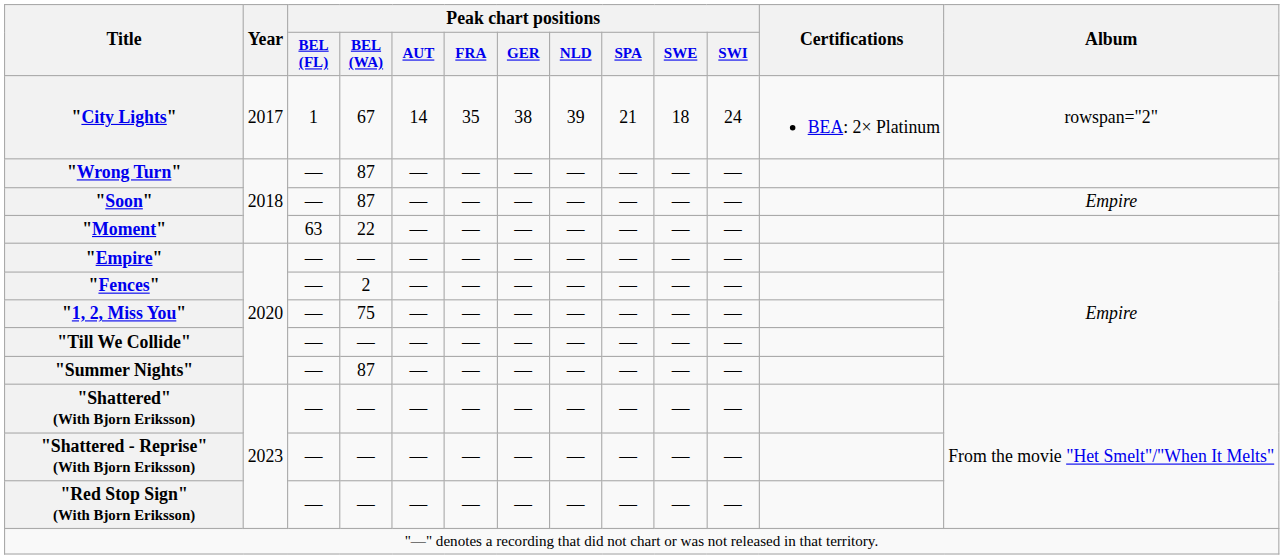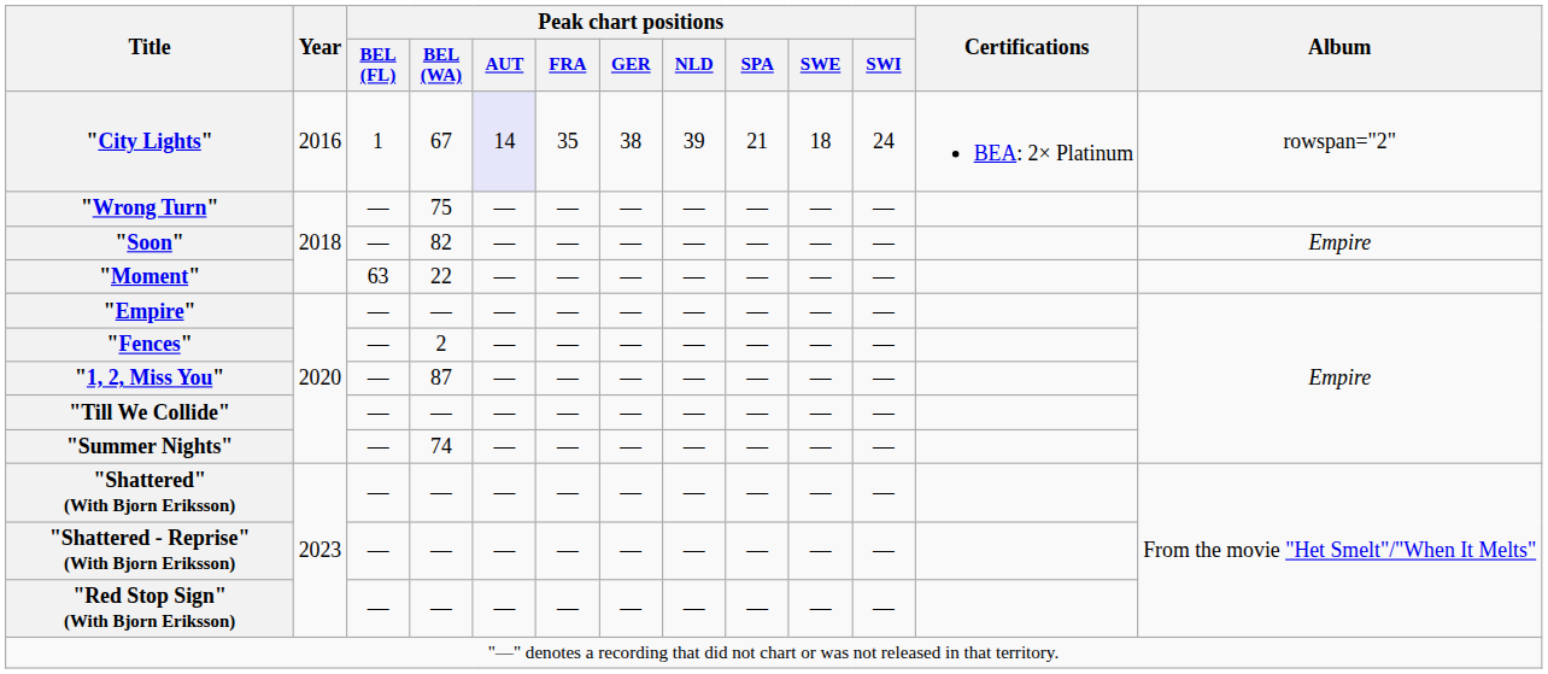 <table class="wikitable plainrowheaders" style="text-align:center;">
 <tr>
 <th scope="col" rowspan="2" style="width:13em;">Title</th>
 <th scope="col" rowspan="2" style="width:1em;">Year</th>
 <th scope="col" colspan="9">Peak chart positions</th>
 <th scope="col" rowspan="2">Certifications</th>
 <th scope="col" rowspan="2">Album</th>
 </tr>
 <tr>
 <th scope="col" style="width:3em;font-size:85%;"><a href='#'>BEL<br>(FL)</a><br></th>
 <th scope="col" style="width:3em;font-size:85%;"><a href='#'>BEL<br>(WA)</a><br></th>
 <th scope="col" style="width:3em;font-size:85%;"><a href='#'>AUT</a><br></th>
 <th scope="col" style="width:3em;font-size:85%;"><a href='#'>FRA</a><br></th>
 <th scope="col" style="width:3em;font-size:85%;"><a href='#'>GER</a><br></th>
 <th scope="col" style="width:3em;font-size:85%;"><a href='#'>NLD</a><br></th>
 <th scope="col" style="width:3em;font-size:85%;"><a href='#'>SPA</a></th>
 <th scope="col" style="width:3em;font-size:85%;"><a href='#'>SWE</a><br></th>
 <th scope="col" style="width:3em;font-size:85%;"><a href='#'>SWI</a><br></th>
 </tr>
 <tr>
 <th scope="row">"<a href='#'>City Lights</a>"</th>
-<td>2017</td>
+<td>2016</td>
 <td>1</td>
 <td>67</td>
-<td>14</td>
+<td style="background: lavender;">14</td>
 <td>35</td>
 <td>38</td>
 <td>39</td>
 <td>21</td>
 <td>18</td>
 <td>24</td>
 <td><br><ul><li><a href='#'>BEA</a>: 2× Platinum</li></ul></td>
 <td>rowspan="2" </td>
 </tr>
 <tr>
 <th scope="row">"<a href='#'>Wrong Turn</a>"</th>
 <td rowspan="3">2018</td>
 <td>—</td>
-<td>87</td>
+<td>75</td>
 <td>—</td>
 <td>—</td>
 <td>—</td>
 <td>—</td>
 <td>—</td>
 <td>—</td>
 <td>—</td>
 <td></td>
 </tr>
 <tr>
 <th scope="row">"<a href='#'>Soon</a>"</th>
 <td>—</td>
-<td>87</td>
+<td>82</td>
 <td>—</td>
 <td>—</td>
 <td>—</td>
 <td>—</td>
 <td>—</td>
 <td>—</td>
 <td>—</td>
 <td></td>
 <td><em>Empire</em></td>
 </tr>
 <tr>
 <th scope="row">"<a href='#'>Moment</a>"</th>
 <td>63</td>
 <td>22</td>
 <td>—</td>
 <td>—</td>
 <td>—</td>
 <td>—</td>
 <td>—</td>
 <td>—</td>
 <td>—</td>
 <td></td>
 <td></td>
 </tr>
 <tr>
 <th scope="row">"<a href='#'>Empire</a>"</th>
 <td rowspan="5">2020</td>
 <td>—</td>
 <td>—</td>
 <td>—</td>
 <td>—</td>
 <td>—</td>
 <td>—</td>
 <td>—</td>
 <td>—</td>
 <td>—</td>
 <td></td>
 <td rowspan="5"><em>Empire</em></td>
 </tr>
 <tr>
 <th scope="row">"<a href='#'>Fences</a>"</th>
 <td>—</td>
 <td>2</td>
 <td>—</td>
 <td>—</td>
 <td>—</td>
 <td>—</td>
 <td>—</td>
 <td>—</td>
 <td>—</td>
 <td></td>
 </tr>
 <tr>
 <th scope="row">"<a href='#'>1, 2, Miss You</a>"</th>
 <td>—</td>
-<td>75</td>
+<td>87</td>
 <td>—</td>
 <td>—</td>
 <td>—</td>
 <td>—</td>
 <td>—</td>
 <td>—</td>
 <td>—</td>
 <td></td>
 </tr>
 <tr>
 <th scope="row">"Till We Collide"</th>
 <td>—</td>
 <td>—</td>
 <td>—</td>
 <td>—</td>
 <td>—</td>
 <td>—</td>
 <td>—</td>
 <td>—</td>
 <td>—</td>
 <td></td>
 </tr>
 <tr>
 <th scope="row">"Summer Nights"</th>
 <td>—</td>
-<td>87</td>
+<td>74</td>
 <td>—</td>
 <td>—</td>
 <td>—</td>
 <td>—</td>
 <td>—</td>
 <td>—</td>
 <td>—</td>
 <td></td>
 </tr>
 <tr>
 <th scope="row">"Shattered"<br><small>(With Bjorn Eriksson)</small></th>
 <td rowspan="3">2023</td>
 <td>—</td>
 <td>—</td>
 <td>—</td>
 <td>—</td>
 <td>—</td>
 <td>—</td>
 <td>—</td>
 <td>—</td>
 <td>—</td>
 <td></td>
 <td rowspan="3">From the movie <a href='#'>"Het Smelt"/"When It Melts"</a></td>
 </tr>
 <tr>
 <th scope="row">"Shattered - Reprise"<br><small>(With Bjorn Eriksson)</small></th>
 <td>—</td>
 <td>—</td>
 <td>—</td>
 <td>—</td>
 <td>—</td>
 <td>—</td>
 <td>—</td>
 <td>—</td>
 <td>—</td>
 <td></td>
 </tr>
 <tr>
 <th scope="row">"Red Stop Sign"<br><small>(With Bjorn Eriksson)</small></th>
 <td>—</td>
 <td>—</td>
 <td>—</td>
 <td>—</td>
 <td>—</td>
 <td>—</td>
 <td>—</td>
 <td>—</td>
 <td>—</td>
 <td></td>
 </tr>
 <tr>
 <td colspan="20" style="font-size:85%">"—" denotes a recording that did not chart or was not released in that territory.</td>
 </tr>
 </table>
